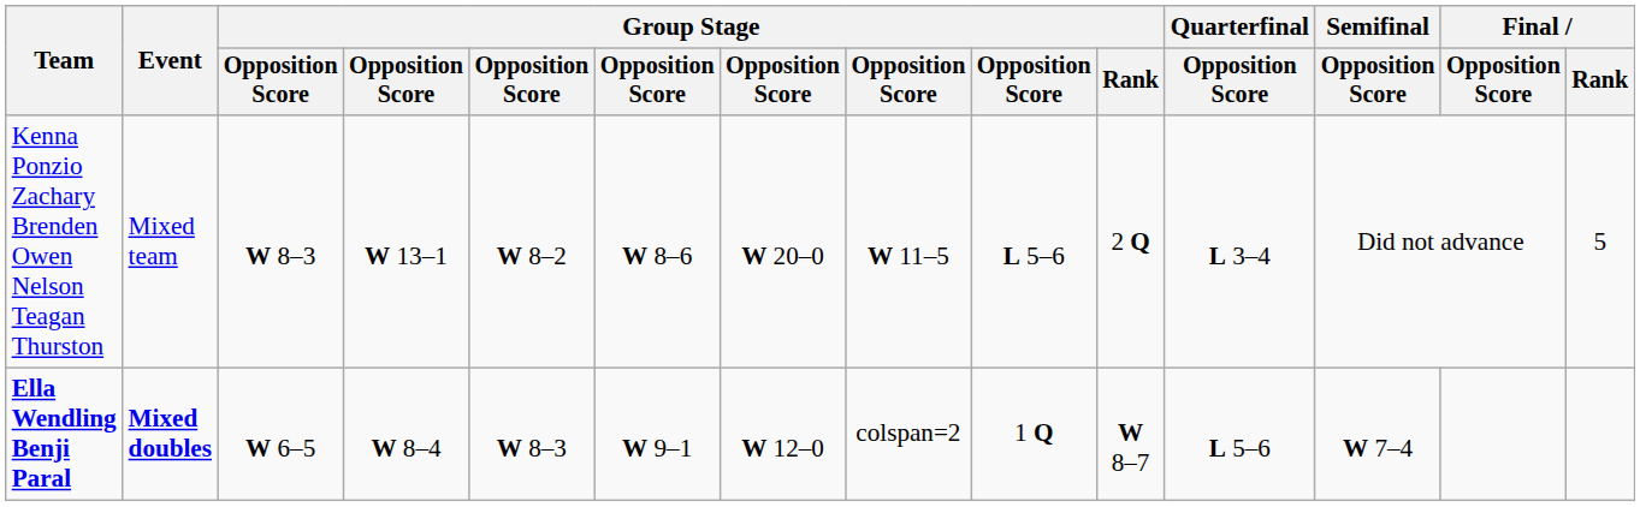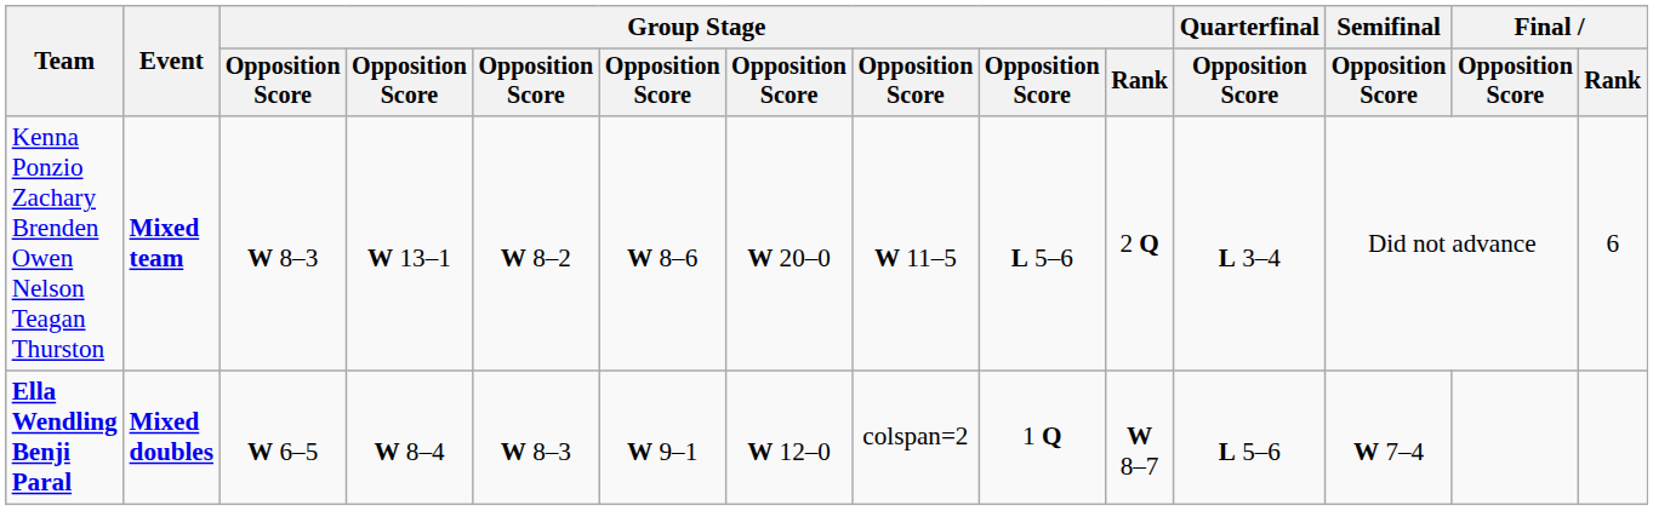 <table class="wikitable" style="font-size:90%">
 <tr>
 <th rowspan=2>Team</th>
 <th rowspan=2>Event</th>
 <th colspan=8>Group Stage</th>
 <th>Quarterfinal</th>
 <th>Semifinal</th>
 <th colspan=2>Final / </th>
 </tr>
 <tr style="font-size:95%">
 <th>Opposition <br> Score</th>
 <th>Opposition <br> Score</th>
 <th>Opposition <br> Score</th>
 <th>Opposition <br> Score</th>
 <th>Opposition <br> Score</th>
 <th>Opposition <br> Score</th>
 <th>Opposition <br> Score</th>
 <th>Rank</th>
 <th>Opposition <br> Score</th>
 <th>Opposition <br> Score</th>
 <th>Opposition <br> Score</th>
 <th>Rank</th>
 </tr>
 <tr align=center>
 <td align=left><a href='#'>Kenna Ponzio</a><br><a href='#'>Zachary Brenden</a><br><a href='#'>Owen Nelson</a><br><a href='#'>Teagan Thurston</a></td>
-<td align=left><a href='#'>Mixed team</a></td>
+<td align=left><strong><a href='#'>Mixed team</a></strong></td>
 <td><br><strong>W</strong> 8–3</td>
 <td><br><strong>W</strong> 13–1</td>
 <td><br><strong>W</strong> 8–2</td>
 <td><br><strong>W</strong> 8–6</td>
 <td><br><strong>W</strong> 20–0</td>
 <td><br><strong>W</strong> 11–5</td>
 <td><br><strong>L</strong> 5–6</td>
 <td>2 <strong>Q</strong></td>
 <td><br><strong>L</strong> 3–4</td>
 <td colspan=2>Did not advance</td>
-<td>5</td>
+<td>6</td>
 </tr>
 <tr align=center>
 <td align=left><strong><a href='#'>Ella Wendling</a><br><a href='#'>Benji Paral</a></strong></td>
 <td align=left><strong><a href='#'>Mixed doubles</a></strong></td>
 <td><br><strong>W</strong> 6–5</td>
 <td><br><strong>W</strong> 8–4</td>
 <td><br><strong>W</strong> 8–3</td>
 <td><br><strong>W</strong> 9–1</td>
 <td><br><strong>W</strong> 12–0</td>
 <td>colspan=2</td>
 <td>1 <strong>Q</strong></td>
 <td><br><strong>W</strong> 8–7</td>
 <td><br><strong>L</strong> 5–6</td>
 <td><br><strong>W</strong> 7–4</td>
 <td></td>
 </tr>
 </table>
